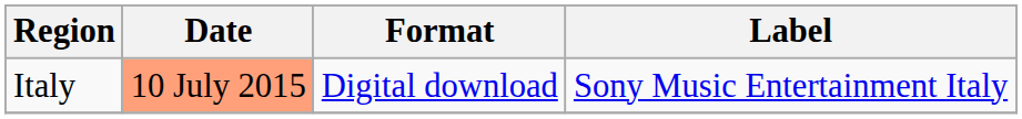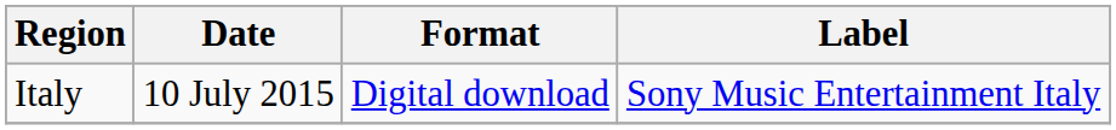 <table class=wikitable>
 <tr>
 <th>Region</th>
 <th>Date</th>
 <th>Format</th>
 <th>Label</th>
 </tr>
 <tr>
 <td>Italy</td>
-<td style="background: lightsalmon;">10 July 2015</td>
+<td>10 July 2015</td>
 <td><a href='#'>Digital download</a></td>
 <td><a href='#'>Sony Music Entertainment Italy</a></td>
 </tr>
 <tr>
 </tr>
 </table>
